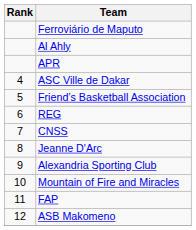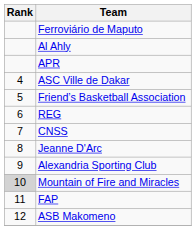 <table class="wikitable">
 <tr>
 <th>Rank</th>
 <th style="width: 225px;">Team</th>
 </tr>
 <tr>
 <td style="text-align: center;"></td>
 <td> <a href='#'>Ferroviário de Maputo</a></td>
 </tr>
 <tr>
 <td style="text-align: center;"></td>
 <td> <a href='#'>Al Ahly</a></td>
 </tr>
 <tr>
 <td style="text-align: center;"></td>
 <td> <a href='#'>APR</a></td>
 </tr>
 <tr>
 <td style="text-align: center;">4</td>
 <td> <a href='#'>ASC Ville de Dakar</a></td>
 </tr>
 <tr>
 <td style="text-align: center;">5</td>
 <td> <a href='#'>Friend’s Basketball Association</a></td>
 </tr>
 <tr>
 <td style="text-align: center;">6</td>
 <td> <a href='#'>REG</a></td>
 </tr>
 <tr>
 <td style="text-align: center;">7</td>
 <td> <a href='#'>CNSS</a></td>
 </tr>
 <tr>
 <td style="text-align: center;">8</td>
 <td> <a href='#'>Jeanne D'Arc</a></td>
 </tr>
 <tr>
 <td style="text-align: center;">9</td>
 <td> <a href='#'>Alexandria Sporting Club</a></td>
 </tr>
 <tr>
-<td style="text-align: center;">10</td>
+<td style="background: lightgrey; text-align: center;">10</td>
 <td> <a href='#'>Mountain of Fire and Miracles</a></td>
 </tr>
 <tr>
 <td style="text-align: center;">11</td>
 <td> <a href='#'>FAP</a></td>
 </tr>
 <tr>
 <td style="text-align: center;">12</td>
 <td> <a href='#'>ASB Makomeno</a></td>
 </tr>
 <tr>
 </tr>
 </table>
